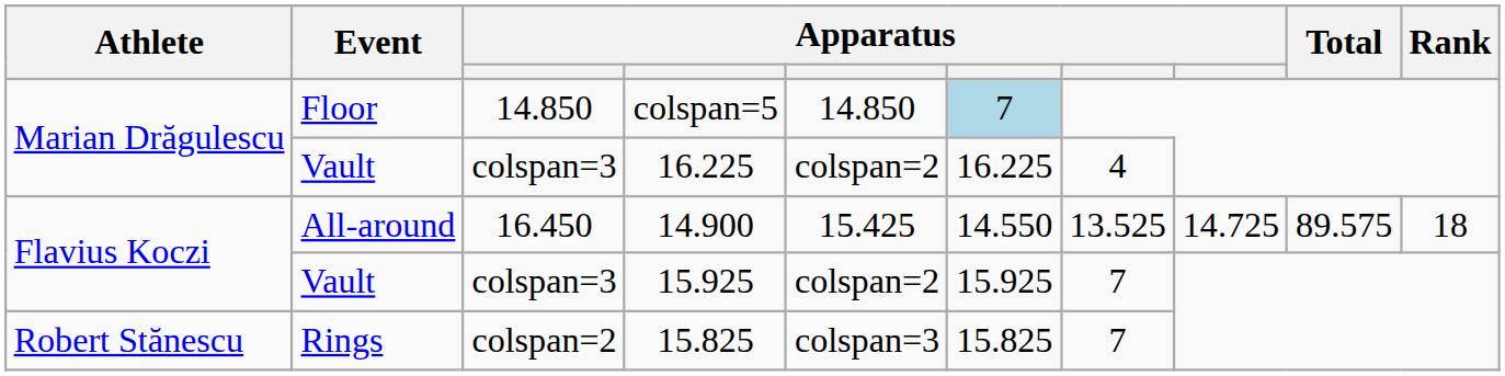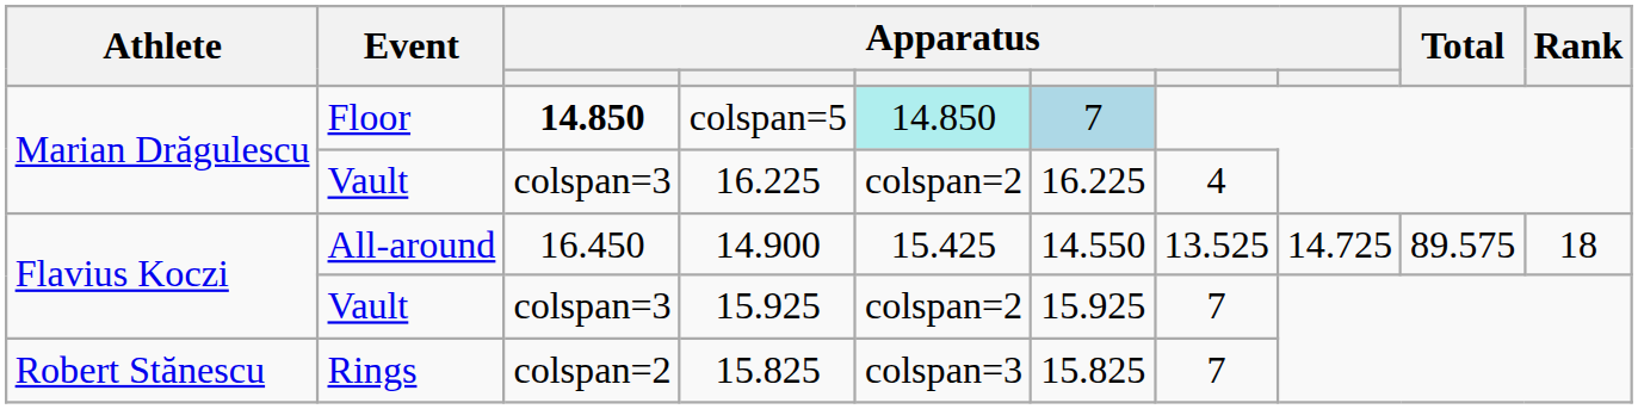 <table class="wikitable" style="font-size:90%">
 <tr>
 <th rowspan=2>Athlete</th>
 <th rowspan=2>Event</th>
 <th colspan =6>Apparatus</th>
 <th rowspan=2>Total</th>
 <th rowspan=2>Rank</th>
 </tr>
 <tr style="font-size:95%">
 <th></th>
 <th></th>
 <th></th>
 <th></th>
 <th></th>
 <th></th>
 </tr>
 <tr align=center>
 <td align=left rowspan=2><a href='#'>Marian Drăgulescu</a></td>
 <td align=left><a href='#'>Floor</a></td>
-<td>14.850</td>
+<td><strong>14.850</strong></td>
 <td>colspan=5 </td>
-<td>14.850</td>
+<td style="background: paleturquoise;">14.850</td>
 <td style="background: lightblue;">7</td>
 </tr>
 <tr align=center>
 <td align=left><a href='#'>Vault</a></td>
 <td>colspan=3 </td>
 <td>16.225</td>
 <td>colspan=2 </td>
 <td>16.225</td>
 <td>4</td>
 </tr>
 <tr align=center>
 <td align=left rowspan=2><a href='#'>Flavius Koczi</a></td>
 <td align=left><a href='#'>All-around</a></td>
 <td>16.450</td>
 <td>14.900</td>
 <td>15.425</td>
 <td>14.550</td>
 <td>13.525</td>
 <td>14.725</td>
 <td>89.575</td>
 <td>18</td>
 </tr>
 <tr align=center>
 <td align=left><a href='#'>Vault</a></td>
 <td>colspan=3 </td>
 <td>15.925</td>
 <td>colspan=2 </td>
 <td>15.925</td>
 <td>7</td>
 </tr>
 <tr align=center>
 <td align=left><a href='#'>Robert Stănescu</a></td>
 <td align=left><a href='#'>Rings</a></td>
 <td>colspan=2 </td>
 <td>15.825</td>
 <td>colspan=3 </td>
 <td>15.825</td>
 <td>7</td>
 </tr>
 </table>
